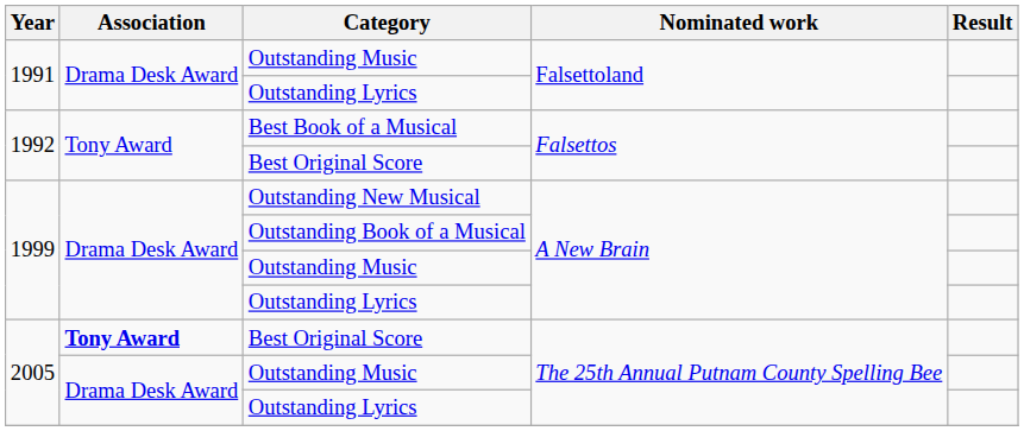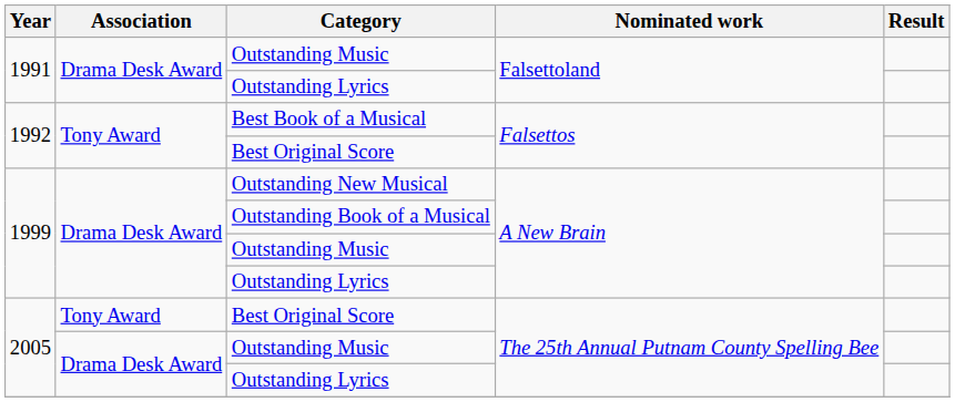 <table class="wikitable sortable">
 <tr>
 <th>Year</th>
 <th>Association</th>
 <th>Category</th>
 <th>Nominated work</th>
 <th>Result</th>
 </tr>
 <tr>
 <td rowspan="2">1991</td>
 <td rowspan="2"><a href='#'>Drama Desk Award</a></td>
 <td><a href='#'>Outstanding Music</a></td>
 <td rowspan="2"><a href='#'>Falsettoland</a></td>
 <td></td>
 </tr>
 <tr>
 <td><a href='#'>Outstanding Lyrics</a></td>
 <td></td>
 </tr>
 <tr>
 <td rowspan="2">1992</td>
 <td rowspan="2"><a href='#'>Tony Award</a></td>
 <td><a href='#'>Best Book of a Musical</a></td>
 <td rowspan="2"><em><a href='#'>Falsettos</a></em></td>
 <td></td>
 </tr>
 <tr>
 <td><a href='#'>Best Original Score</a></td>
 <td></td>
 </tr>
 <tr>
 <td rowspan="4">1999</td>
 <td rowspan="4"><a href='#'>Drama Desk Award</a></td>
 <td><a href='#'>Outstanding New Musical</a></td>
 <td rowspan="4"><em><a href='#'>A New Brain</a></em></td>
 <td></td>
 </tr>
 <tr>
 <td><a href='#'>Outstanding Book of a Musical</a></td>
 <td></td>
 </tr>
 <tr>
 <td><a href='#'>Outstanding Music</a></td>
 <td></td>
 </tr>
 <tr>
 <td><a href='#'>Outstanding Lyrics</a></td>
 <td></td>
 </tr>
 <tr>
 <td rowspan="3">2005</td>
-<td><strong><a href='#'>Tony Award</a></strong></td>
+<td><a href='#'>Tony Award</a></td>
 <td><a href='#'>Best Original Score</a></td>
 <td rowspan="3"><em><a href='#'>The 25th Annual Putnam County Spelling Bee</a></em></td>
 <td></td>
 </tr>
 <tr>
 <td rowspan="2"><a href='#'>Drama Desk Award</a></td>
 <td><a href='#'>Outstanding Music</a></td>
 <td></td>
 </tr>
 <tr>
 <td><a href='#'>Outstanding Lyrics</a></td>
 <td></td>
 </tr>
 <tr>
 </tr>
 </table>
